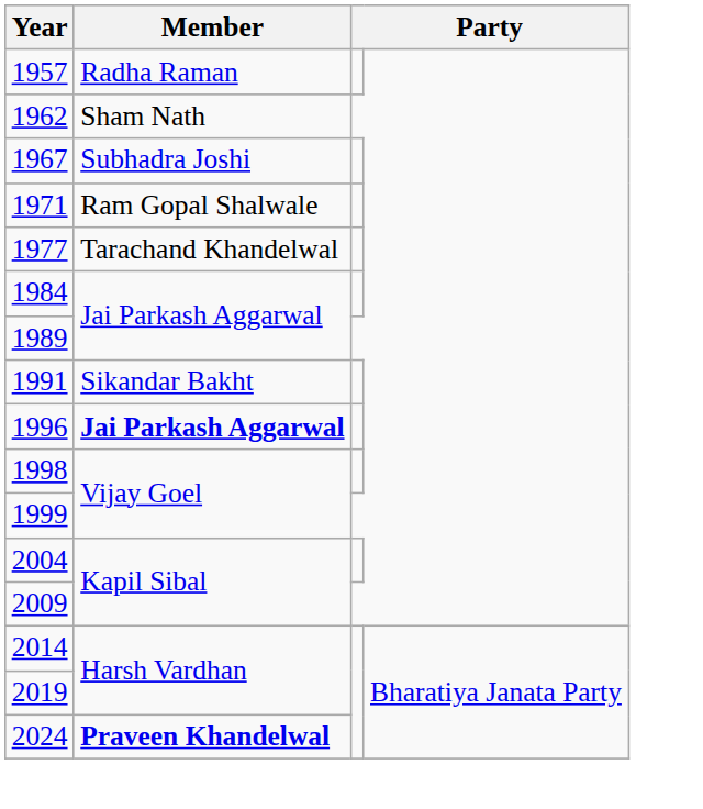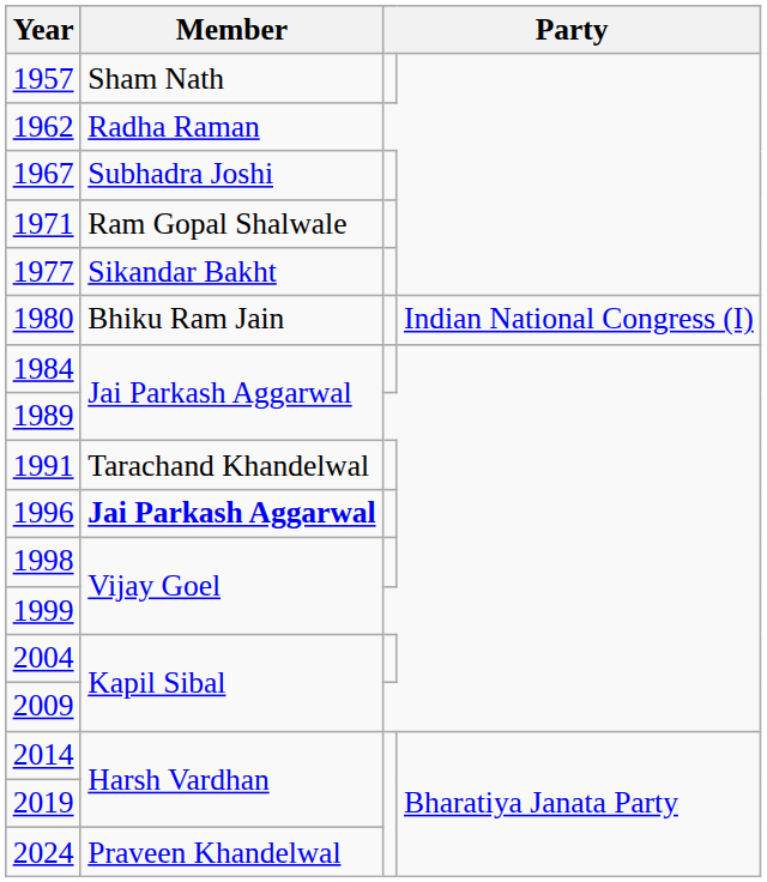 <table class="wikitable">
 <tr>
 <th>Year</th>
 <th>Member</th>
 <th colspan="2">Party</th>
 </tr>
 <tr>
 <td><a href='#'>1957</a></td>
-<td><a href='#'>Radha Raman</a></td>
+<td>Sham Nath</td>
 <td></td>
 </tr>
 <tr>
 <td><a href='#'>1962</a></td>
-<td>Sham Nath</td>
+<td><a href='#'>Radha Raman</a></td>
 </tr>
 <tr>
 <td><a href='#'>1967</a></td>
 <td><a href='#'>Subhadra Joshi</a></td>
 <td></td>
 </tr>
 <tr>
 <td><a href='#'>1971</a></td>
 <td>Ram Gopal Shalwale</td>
 <td></td>
 </tr>
 <tr>
 <td><a href='#'>1977</a></td>
-<td>Tarachand Khandelwal</td>
+<td><a href='#'>Sikandar Bakht</a></td>
 <td></td>
+</tr>
+<tr>
+<td><a href='#'>1980</a></td>
+<td>Bhiku Ram Jain</td>
+<td style="background-color :"></td>
+<td><a href='#'>Indian National Congress (I)</a></td>
 </tr>
 <tr>
 <td><a href='#'>1984</a></td>
 <td rowspan="2"><a href='#'>Jai Parkash Aggarwal</a></td>
 <td></td>
 </tr>
 <tr>
 <td><a href='#'>1989</a></td>
 </tr>
 <tr>
 <td><a href='#'>1991</a></td>
-<td><a href='#'>Sikandar Bakht</a></td>
+<td>Tarachand Khandelwal</td>
 <td></td>
 </tr>
 <tr>
 <td><a href='#'>1996</a></td>
 <td><strong><a href='#'>Jai Parkash Aggarwal</a></strong></td>
 <td></td>
 </tr>
 <tr>
 <td><a href='#'>1998</a></td>
 <td rowspan="2"><a href='#'>Vijay Goel</a></td>
 <td></td>
 </tr>
 <tr>
 <td><a href='#'>1999</a></td>
 </tr>
 <tr>
 <td><a href='#'>2004</a></td>
 <td rowspan="2"><a href='#'>Kapil Sibal</a></td>
 <td></td>
 </tr>
 <tr>
 <td><a href='#'>2009</a></td>
 </tr>
 <tr>
 <td><a href='#'>2014</a></td>
 <td rowspan="2"><a href='#'>Harsh Vardhan</a></td>
 <td rowspan="3" style="background-color: "></td>
 <td rowspan="3"><a href='#'>Bharatiya Janata Party</a></td>
 </tr>
 <tr>
 <td><a href='#'>2019</a></td>
 </tr>
 <tr>
 <td><a href='#'>2024</a></td>
-<td><strong><a href='#'>Praveen Khandelwal</a></strong></td>
+<td><a href='#'>Praveen Khandelwal</a></td>
 </tr>
 </table>
